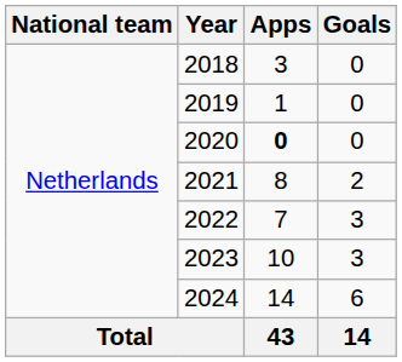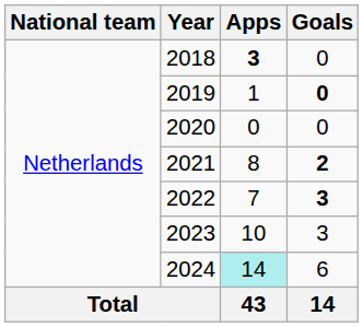 <table class=wikitable style="text-align: center;">
 <tr>
 <th>National team</th>
 <th>Year</th>
 <th>Apps</th>
 <th>Goals</th>
 </tr>
 <tr>
 <td rowspan="7"><a href='#'>Netherlands</a></td>
 <td>2018</td>
-<td>3</td>
+<td><strong>3</strong></td>
 <td>0</td>
 </tr>
 <tr>
 <td>2019</td>
 <td>1</td>
-<td>0</td>
+<td><strong>0</strong></td>
 </tr>
 <tr>
 <td>2020</td>
-<td><strong>0</strong></td>
+<td>0</td>
 <td>0</td>
 </tr>
 <tr>
 <td>2021</td>
 <td>8</td>
-<td>2</td>
+<td><strong>2</strong></td>
 </tr>
 <tr>
 <td>2022</td>
 <td>7</td>
-<td>3</td>
+<td><strong>3</strong></td>
 </tr>
 <tr>
 <td>2023</td>
 <td>10</td>
 <td>3</td>
 </tr>
 <tr>
 <td>2024</td>
-<td>14</td>
+<td style="background: paleturquoise;">14</td>
 <td>6</td>
 </tr>
 <tr>
 <th colspan="2">Total</th>
 <th>43</th>
 <th>14</th>
 </tr>
 </table>
